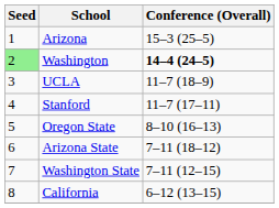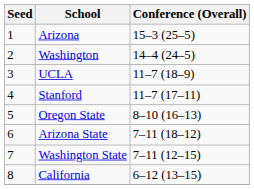 <table class="wikitable">
 <tr>
 <th>Seed</th>
 <th>School</th>
 <th>Conference (Overall)</th>
 </tr>
 <tr>
 <td>1</td>
 <td><a href='#'>Arizona</a></td>
 <td>15–3 (25–5)</td>
 </tr>
 <tr>
-<td style="background: lightgreen;">2</td>
+<td>2</td>
 <td><a href='#'>Washington</a></td>
-<td><strong>14–4 (24–5)</strong></td>
+<td>14–4 (24–5)</td>
 </tr>
 <tr>
 <td>3</td>
 <td><a href='#'>UCLA</a></td>
 <td>11–7 (18–9)</td>
 </tr>
 <tr>
 <td>4</td>
 <td><a href='#'>Stanford</a></td>
 <td>11–7 (17–11)</td>
 </tr>
 <tr>
 <td>5</td>
 <td><a href='#'>Oregon State</a></td>
 <td>8–10 (16–13)</td>
 </tr>
 <tr>
 <td>6</td>
 <td><a href='#'>Arizona State</a></td>
 <td>7–11 (18–12)</td>
 </tr>
 <tr>
 <td>7</td>
 <td><a href='#'>Washington State</a></td>
 <td>7–11 (12–15)</td>
 </tr>
 <tr>
 <td>8</td>
 <td><a href='#'>California</a></td>
 <td>6–12 (13–15)</td>
 </tr>
 <tr>
 </tr>
 </table>
